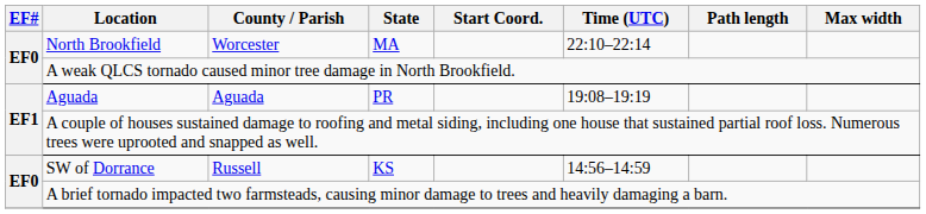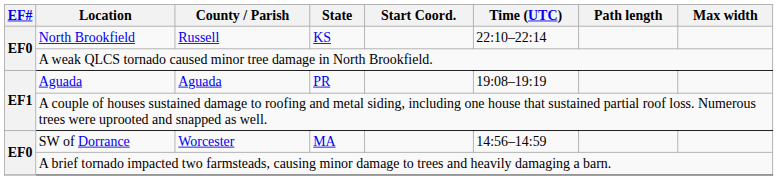 <table class="wikitable sortable" style="width:100%;">
 <tr>
 <th scope="col" width="2%" align="center"><a href='#'>EF#</a></th>
 <th scope="col" align="center" class="unsortable">Location</th>
 <th scope="col" align="center" class="unsortable">County / Parish</th>
 <th scope="col" align="center">State</th>
 <th scope="col" align="center">Start Coord.</th>
 <th scope="col" align="center">Time (<a href='#'>UTC</a>)</th>
 <th scope="col" align="center">Path length</th>
 <th scope="col" align="center">Max width</th>
 </tr>
 <tr>
 <th scope="row" rowspan="2" style="background-color:#">EF0</th>
 <td><a href='#'>North Brookfield</a></td>
-<td><a href='#'>Worcester</a></td>
-<td><a href='#'>MA</a></td>
+<td><a href='#'>Russell</a></td>
+<td><a href='#'>KS</a></td>
 <td></td>
 <td>22:10–22:14</td>
 <td></td>
 <td></td>
 </tr>
 <tr class="expand-child">
 <td colspan="8" style=" border-bottom: 1px solid black;">A weak QLCS tornado caused minor tree damage in North Brookfield.</td>
 </tr>
 <tr>
 <th scope="row" rowspan="2" style="background-color:#">EF1</th>
 <td><a href='#'>Aguada</a></td>
 <td><a href='#'>Aguada</a></td>
 <td><a href='#'>PR</a></td>
 <td></td>
 <td>19:08–19:19</td>
 <td></td>
 <td></td>
 </tr>
 <tr class="expand-child">
 <td colspan="8" style=" border-bottom: 1px solid black;">A couple of houses sustained damage to roofing and metal siding, including one house that sustained partial roof loss. Numerous trees were uprooted and snapped as well.</td>
 </tr>
 <tr>
 <th scope="row" rowspan="2" style="background-color:#">EF0</th>
 <td>SW of <a href='#'>Dorrance</a></td>
-<td><a href='#'>Russell</a></td>
-<td><a href='#'>KS</a></td>
+<td><a href='#'>Worcester</a></td>
+<td><a href='#'>MA</a></td>
 <td></td>
 <td>14:56–14:59</td>
 <td></td>
 <td></td>
 </tr>
 <tr class="expand-child">
 <td colspan="8" style=" border-bottom: 1px solid black;">A brief tornado impacted two farmsteads, causing minor damage to trees and heavily damaging a barn.</td>
 </tr>
 <tr>
 </tr>
 </table>
